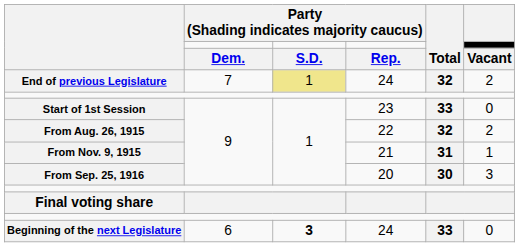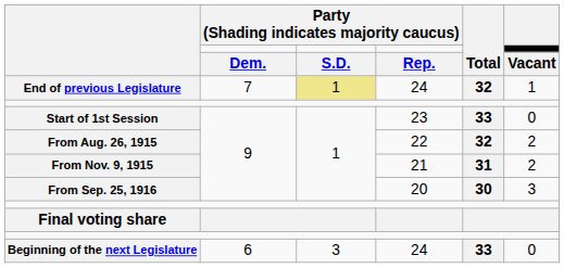 <table class=wikitable style="text-align:center">
 <tr style="vertical-align:bottom;">
 <th rowspan=3></th>
 <th colspan=3>Party <div>(Shading indicates majority caucus)</div></th>
 <th rowspan=3>Total</th>
 <th></th>
 </tr>
 <tr style="height:5px">
 <td style="background-color:"></td>
 <td style="background-color:"></td>
 <td style="background-color:"></td>
 <td style="background:black;"></td>
 </tr>
 <tr>
 <th><a href='#'>Dem.</a></th>
 <th><a href='#'>S.D.</a></th>
 <th><a href='#'>Rep.</a></th>
 <th>Vacant</th>
 </tr>
 <tr>
 <th style="font-size:80%;">End of <a href='#'>previous Legislature</a></th>
 <td>7</td>
 <td style="background: khaki;">1</td>
 <td>24</td>
 <th>32</th>
-<td>2</td>
+<td>1</td>
 </tr>
 <tr>
 <td colspan=6></td>
 </tr>
 <tr>
 <th style="font-size:80%;">Start of 1st Session</th>
 <td rowspan="4">9</td>
 <td rowspan="4">1</td>
 <td>23</td>
 <th>33</th>
 <td>0</td>
 </tr>
 <tr>
 <th style="font-size:80%;">From Aug. 26, 1915</th>
 <td>22</td>
 <th>32</th>
 <td>2</td>
 </tr>
 <tr>
 <th style="font-size:80%;">From Nov. 9, 1915</th>
 <td>21</td>
 <th>31</th>
-<td>1</td>
+<td>2</td>
 </tr>
 <tr>
 <th style="font-size:80%;">From Sep. 25, 1916</th>
 <td>20</td>
 <th>30</th>
 <td>3</td>
 </tr>
 <tr>
 <td colspan=6></td>
 </tr>
 <tr>
 <th>Final voting share</th>
 <th colspan=2></th>
 <th></th>
 <th colspan=2></th>
 </tr>
 <tr>
 <td colspan=6></td>
 </tr>
 <tr>
 <th style="font-size:80%;">Beginning of the <a href='#'>next Legislature</a></th>
 <td>6</td>
-<td><strong>3</strong></td>
+<td>3</td>
 <td>24</td>
 <th>33</th>
 <td>0</td>
 </tr>
 </table>
